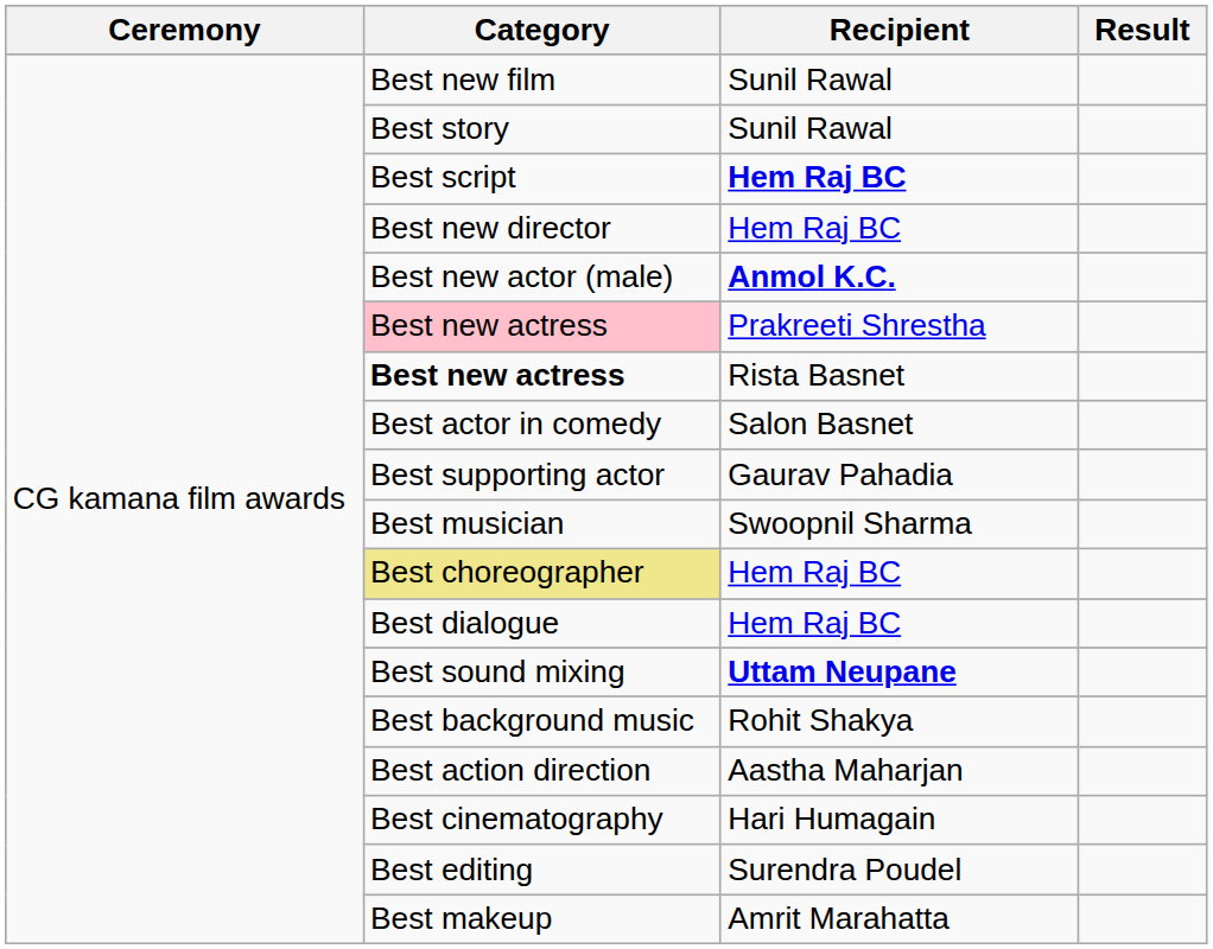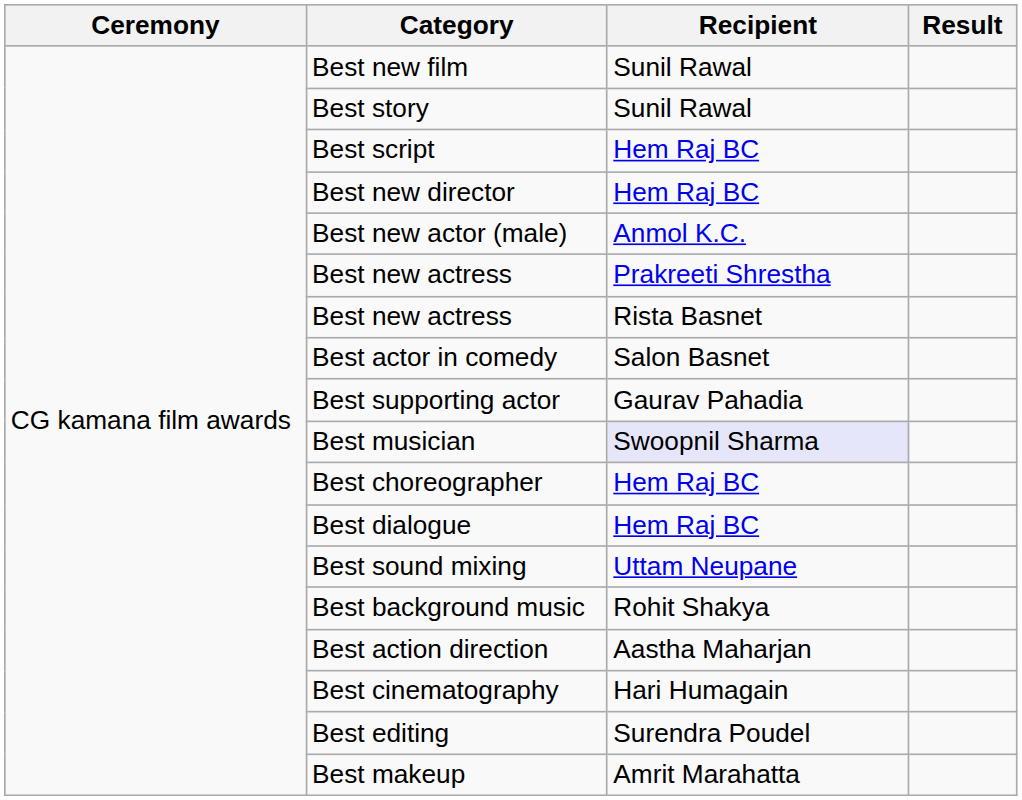 <table class="wikitable mw-collapsible " style="width:99%;"  >
 <tr>
 <th style="width:25%;" scope="col">Ceremony</th>
 <th style="width:25%;" scope="col">Category</th>
 <th style="width:25%;" scope="col">Recipient</th>
 <th style="width:8%;" scope="col">Result</th>
 </tr>
 <tr>
 <td rowspan="18">CG kamana film awards</td>
 <td>Best new film</td>
 <td>Sunil Rawal</td>
 <td></td>
 </tr>
 <tr>
 <td>Best story</td>
 <td>Sunil Rawal</td>
 <td></td>
 </tr>
 <tr>
 <td>Best script</td>
-<td><strong><a href='#'>Hem Raj BC</a></strong></td>
+<td><a href='#'>Hem Raj BC</a></td>
 <td></td>
 </tr>
 <tr>
 <td>Best new director</td>
 <td><a href='#'>Hem Raj BC</a></td>
 <td></td>
 </tr>
 <tr>
 <td>Best new actor (male)</td>
-<td><strong><a href='#'>Anmol K.C.</a></strong></td>
+<td><a href='#'>Anmol K.C.</a></td>
 <td></td>
 </tr>
 <tr>
-<td style="background: pink;">Best new actress</td>
+<td>Best new actress</td>
 <td><a href='#'>Prakreeti Shrestha</a></td>
 <td></td>
 </tr>
 <tr>
-<td><strong>Best new actress</strong></td>
+<td>Best new actress</td>
 <td>Rista Basnet</td>
 <td></td>
 </tr>
 <tr>
 <td>Best actor in comedy</td>
 <td>Salon Basnet</td>
 <td></td>
 </tr>
 <tr>
 <td>Best supporting actor</td>
 <td>Gaurav Pahadia</td>
 <td></td>
 </tr>
 <tr>
 <td>Best musician</td>
-<td>Swoopnil Sharma</td>
+<td style="background: lavender;">Swoopnil Sharma</td>
 <td></td>
 </tr>
 <tr>
-<td style="background: khaki;">Best choreographer</td>
+<td>Best choreographer</td>
 <td><a href='#'>Hem Raj BC</a></td>
 <td></td>
 </tr>
 <tr>
 <td>Best dialogue</td>
 <td><a href='#'>Hem Raj BC</a></td>
 <td></td>
 </tr>
 <tr>
 <td>Best sound mixing</td>
-<td><strong><a href='#'>Uttam Neupane</a></strong></td>
+<td><a href='#'>Uttam Neupane</a></td>
 <td></td>
 </tr>
 <tr>
 <td>Best background music</td>
 <td>Rohit Shakya</td>
 <td></td>
 </tr>
 <tr>
 <td>Best action direction</td>
 <td>Aastha Maharjan</td>
 <td></td>
 </tr>
 <tr>
 <td>Best cinematography</td>
 <td>Hari Humagain</td>
 <td></td>
 </tr>
 <tr>
 <td>Best editing</td>
 <td>Surendra Poudel</td>
 <td></td>
 </tr>
 <tr>
 <td>Best makeup</td>
 <td>Amrit Marahatta</td>
 <td></td>
 </tr>
 </table>
